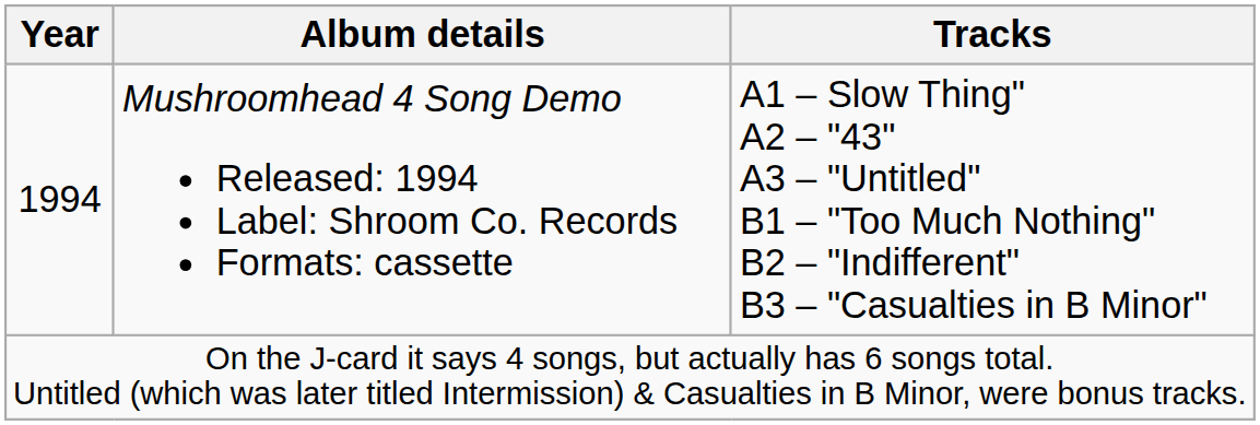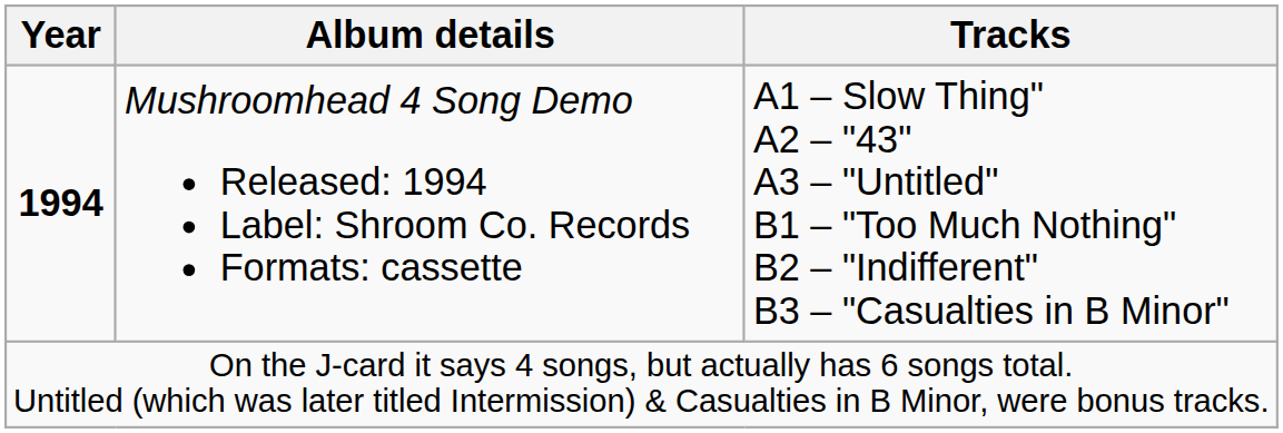 <table class="wikitable" border="1">
 <tr>
 <th>Year</th>
 <th>Album details</th>
 <th>Tracks</th>
 </tr>
 <tr>
-<td align="center">1994</td>
+<td align="center"><strong>1994</strong></td>
 <td><em>Mushroomhead 4 Song Demo</em><br><ul><li>Released: 1994</li><li>Label: Shroom Co. Records</li><li>Formats: cassette</li></ul></td>
 <td>A1 – Slow Thing"<br>A2 – "43"<br>A3 – "Untitled"<br>B1 – "Too Much Nothing"<br>B2 – "Indifferent"<br>B3 – "Casualties in B Minor"</td>
 </tr>
 <tr>
 <td align="center" colspan="10" style="font-size: 85%">On the J-card it says 4 songs, but actually has 6 songs total. <br>Untitled (which was later titled Intermission) & Casualties in B Minor, were bonus tracks.</td>
 </tr>
 </table>
